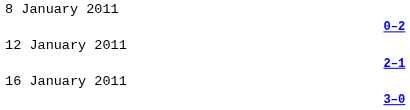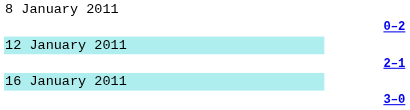 <table style="width:70%;" cellspacing="1">
 <tr>
 <th width=35%></th>
 <th width=15%></th>
 <th></th>
 </tr>
 <tr>
 <td>8 January 2011</td>
 </tr>
 <tr style=font-size:90%>
 <td align=right><strong></strong></td>
 <td align=center><strong><a href='#'>0–2</a></strong></td>
 <td><strong></strong></td>
 </tr>
 <tr>
-<td>12 January 2011</td>
+<td style="background: paleturquoise;">12 January 2011</td>
 </tr>
 <tr style=font-size:90%>
 <td align=right><strong></strong></td>
 <td align=center><strong><a href='#'>2–1</a></strong></td>
 <td><strong></strong></td>
 </tr>
 <tr>
-<td>16 January 2011</td>
+<td style="background: paleturquoise;">16 January 2011</td>
 </tr>
 <tr style=font-size:90%>
 <td align=right><strong></strong></td>
 <td align=center><strong><a href='#'>3–0</a></strong></td>
 <td><strong></strong></td>
 </tr>
 </table>
